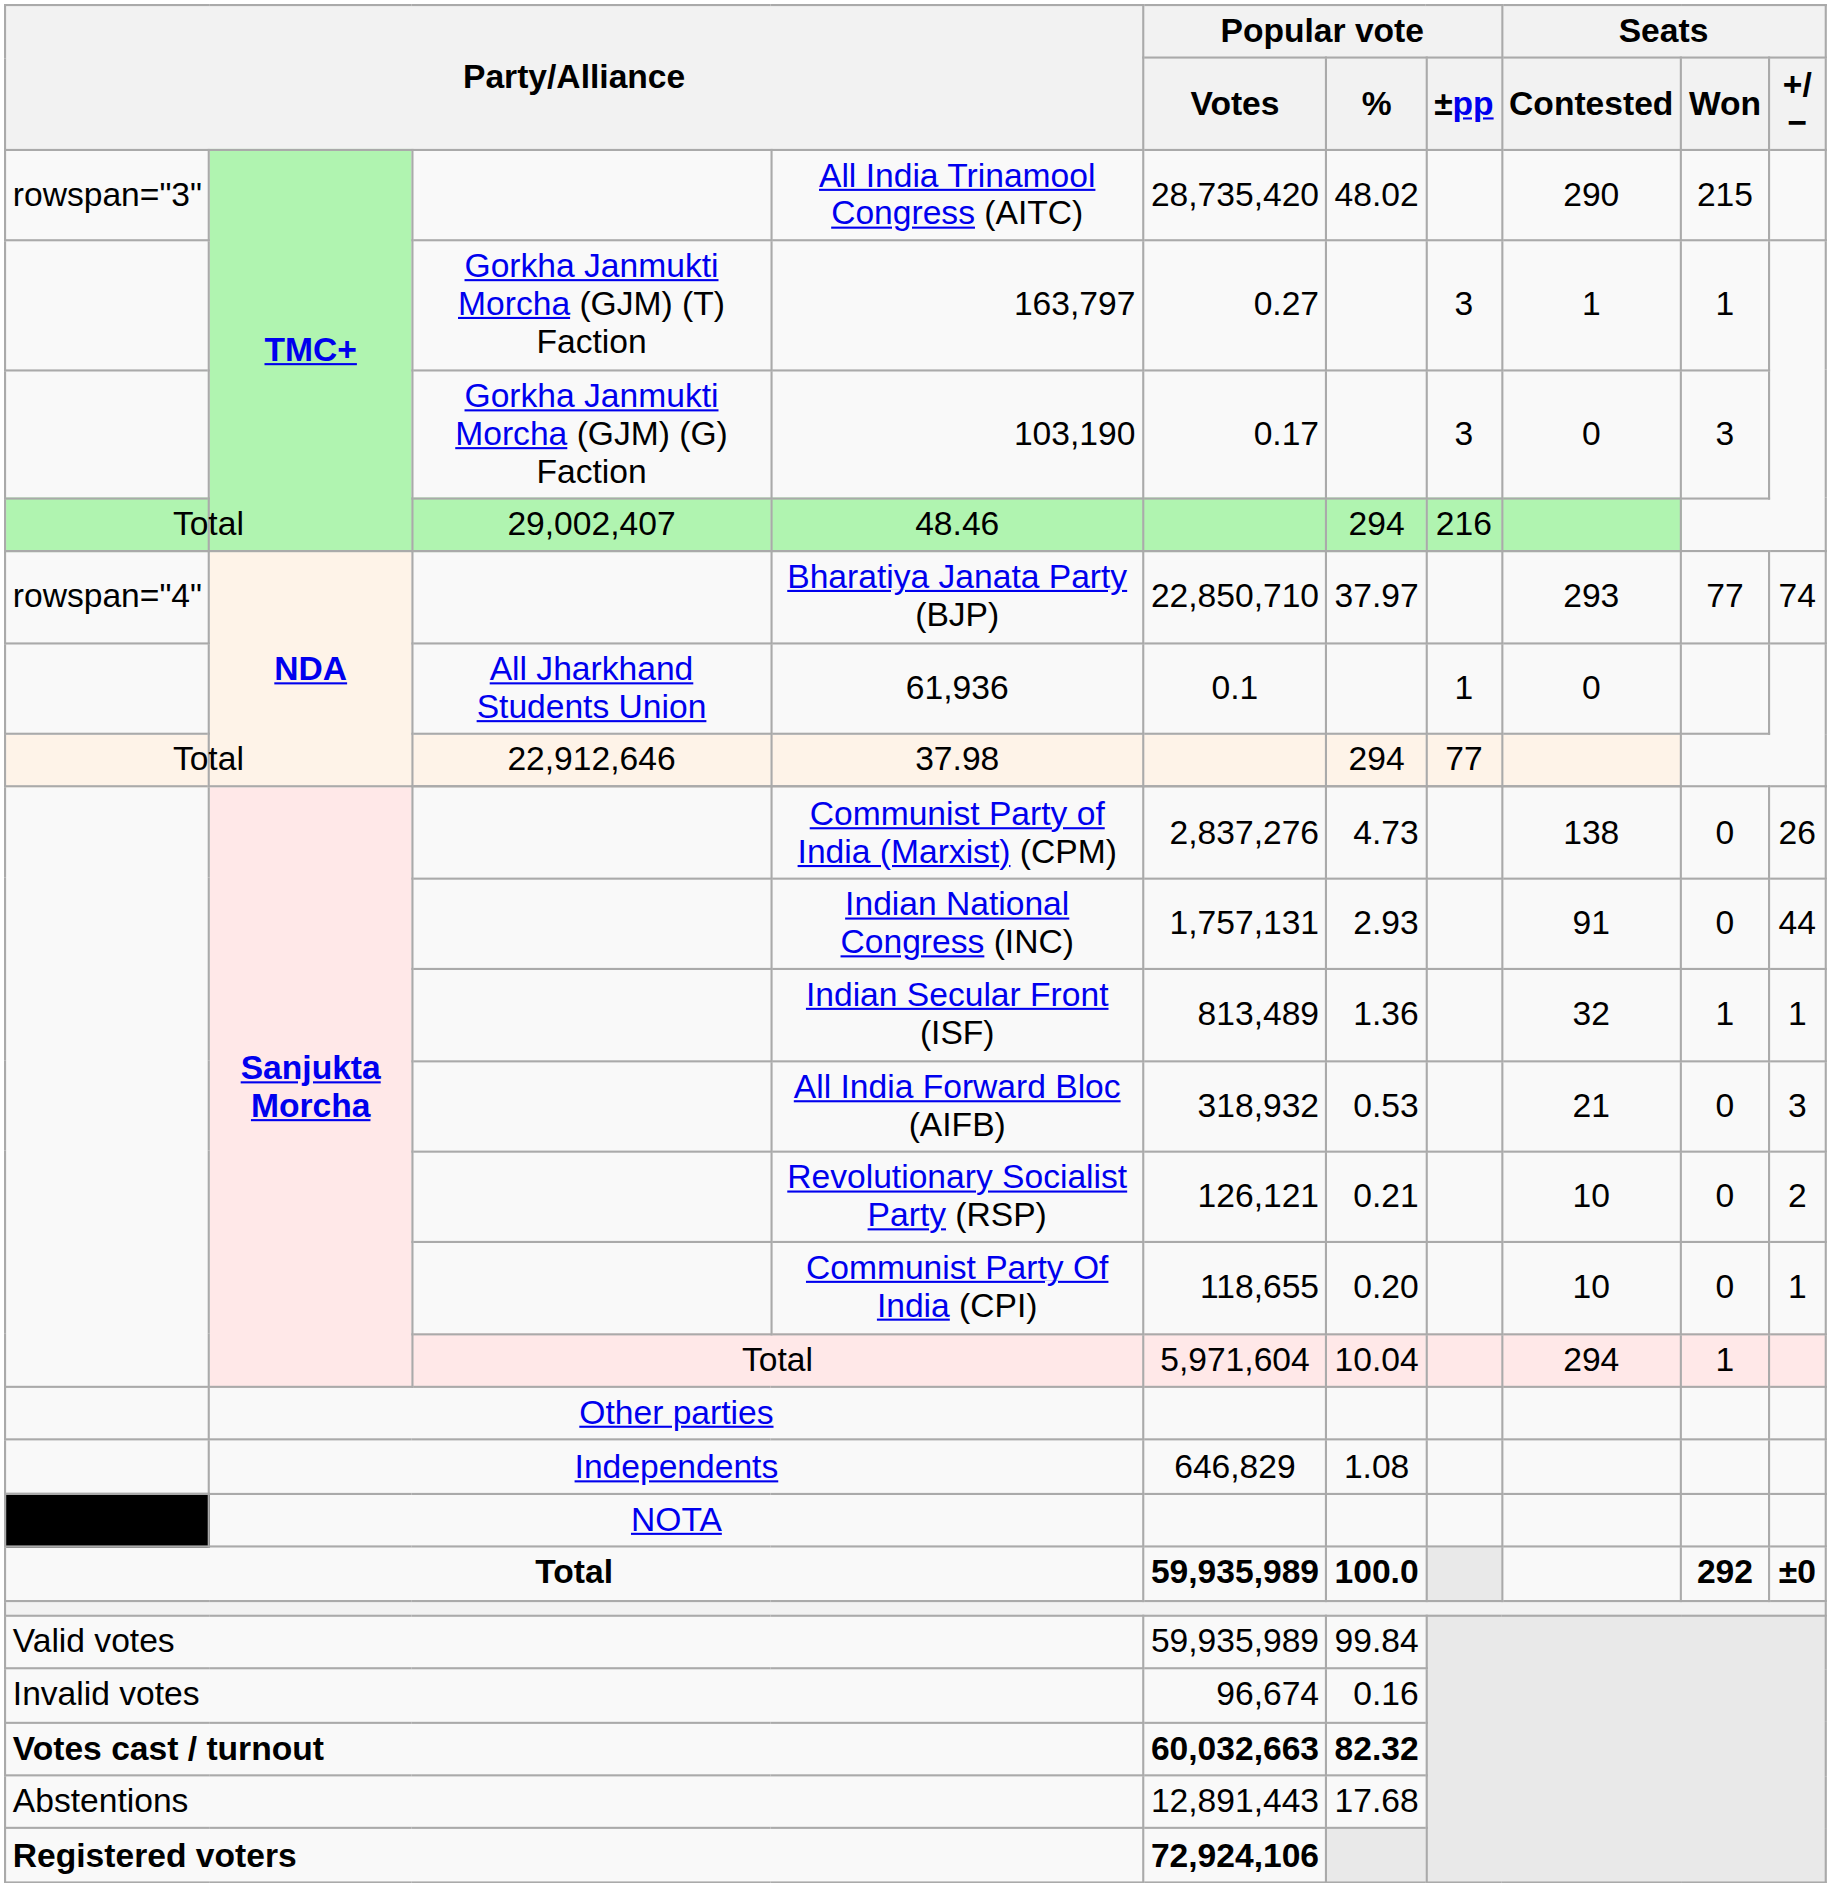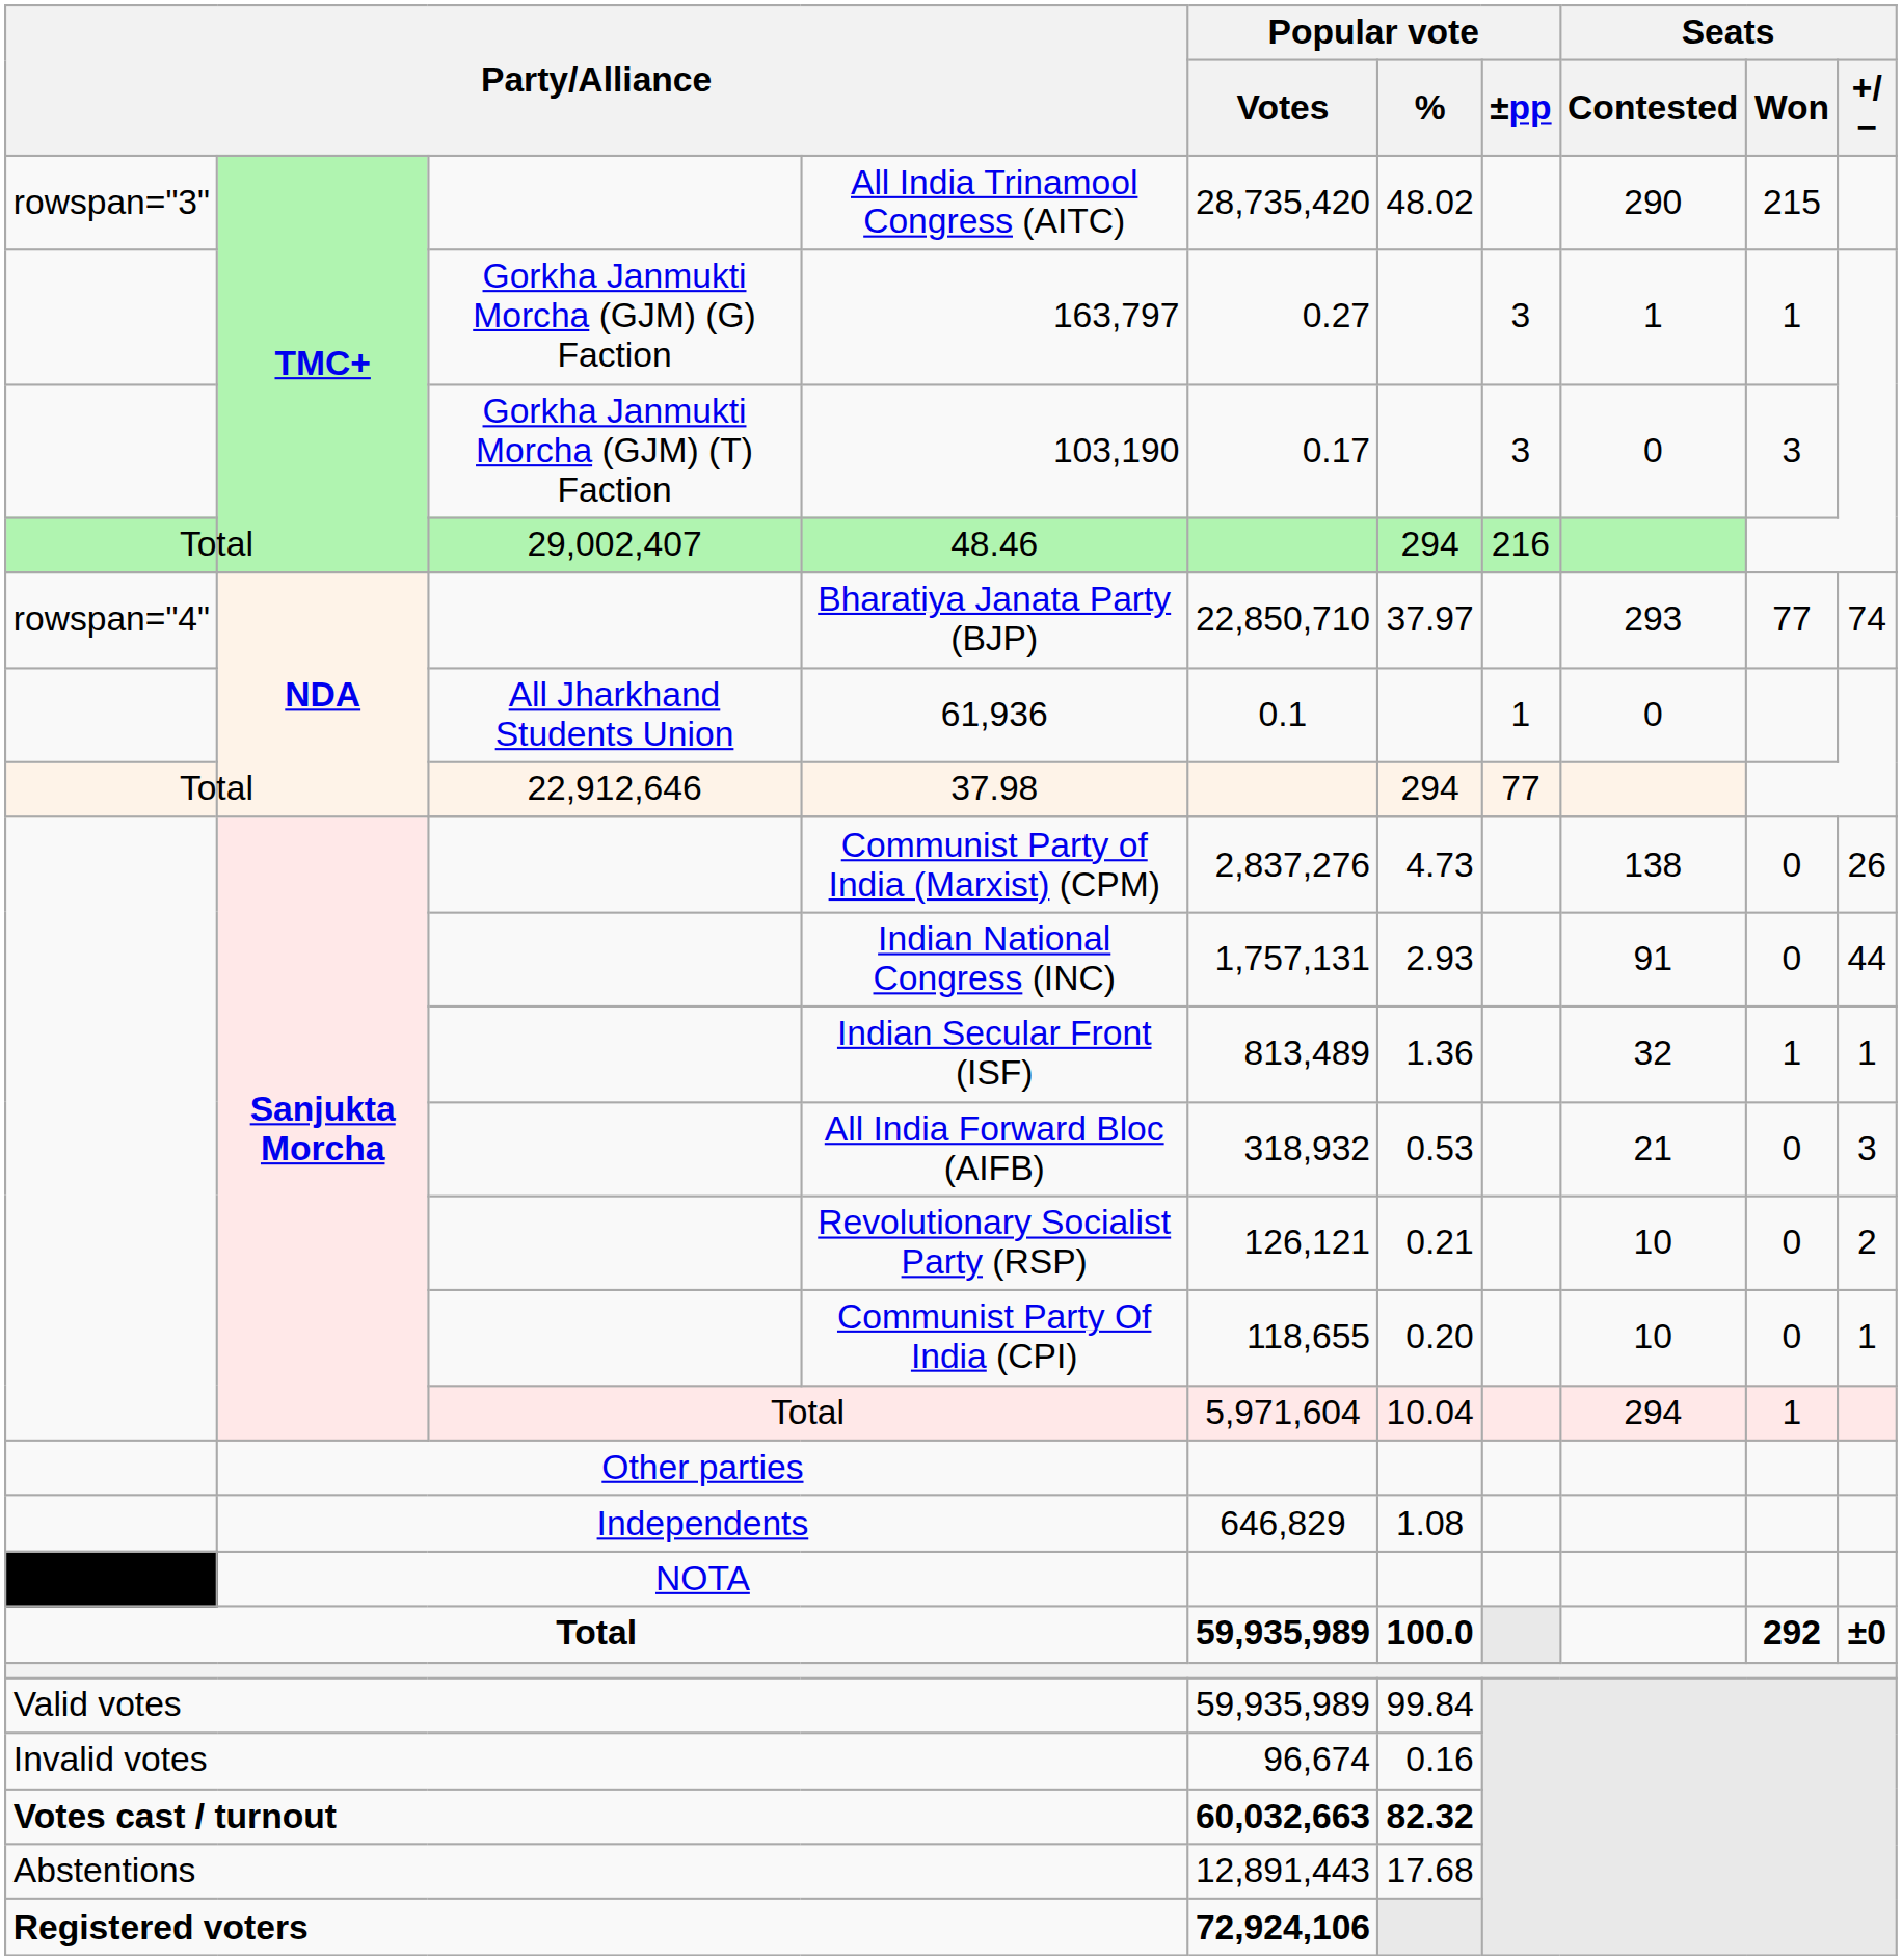 <table class="wikitable sortable" style="text-align:center;">
 <tr>
 <th colspan="4" rowspan="2">Party/Alliance</th>
 <th colspan="3">Popular vote</th>
 <th colspan="3">Seats</th>
 </tr>
 <tr>
 <th>Votes</th>
 <th>%</th>
 <th>±<a href='#'>pp</a></th>
 <th>Contested</th>
 <th>Won</th>
 <th><strong>+/−</strong></th>
 </tr>
 <tr>
 <td>rowspan="3" </td>
 <th rowspan="4" style="background:#B0F4B0"><a href='#'>TMC+</a></th>
 <td></td>
 <td><a href='#'>All India Trinamool Congress</a> (AITC)</td>
 <td style="text-align:right">28,735,420</td>
 <td>48.02</td>
 <td></td>
 <td>290</td>
 <td>215</td>
 <td></td>
 </tr>
 <tr>
 <td></td>
-<td><a href='#'>Gorkha Janmukti Morcha</a> (GJM) (T) Faction</td>
+<td><a href='#'>Gorkha Janmukti Morcha</a> (GJM) (G) Faction</td>
 <td style="text-align:right">163,797</td>
 <td style="text-align:right">0.27</td>
 <td></td>
 <td>3</td>
 <td>1</td>
 <td>1</td>
 </tr>
 <tr>
 <td></td>
-<td><a href='#'>Gorkha Janmukti Morcha</a> (GJM) (G) Faction</td>
+<td><a href='#'>Gorkha Janmukti Morcha</a> (GJM) (T) Faction</td>
 <td style="text-align:right">103,190</td>
 <td style="text-align:right">0.17</td>
 <td></td>
 <td>3</td>
 <td>0</td>
 <td>3</td>
 </tr>
 <tr>
 <td colspan="2" style="background:#B0F4B0">Total</td>
 <td style="background:#B0F4B0">29,002,407</td>
 <td style="background:#B0F4B0">48.46</td>
 <td style="background:#B0F4B0"></td>
 <td style="background:#B0F4B0">294</td>
 <td style="background:#B0F4B0">216</td>
 <td style="background:#B0F4B0"></td>
 </tr>
 <tr>
 </tr>
 <tr>
 <td>rowspan="4" </td>
 <th rowspan="3" style="background:#FEF3E8"><a href='#'>NDA</a></th>
 <td></td>
 <td><a href='#'>Bharatiya Janata Party</a> (BJP)</td>
 <td style="text-align:right">22,850,710</td>
 <td>37.97</td>
 <td></td>
 <td>293</td>
 <td>77</td>
 <td>74</td>
 </tr>
 <tr>
 <td></td>
 <td><a href='#'>All Jharkhand Students Union</a></td>
 <td>61,936</td>
 <td>0.1</td>
 <td></td>
 <td>1</td>
 <td>0</td>
 <td></td>
 </tr>
 <tr>
 <td colspan="2" style="background:#fef3E8">Total</td>
 <td style="background:#fef3E8">22,912,646</td>
 <td style="background:#fef3E8">37.98</td>
 <td style="background:#fef3E8"></td>
 <td style="background:#fef3E8">294</td>
 <td style="background:#fef3E8">77</td>
 <td style="background:#fef3E8"></td>
 </tr>
 <tr>
 <td rowspan="8"></td>
 <th rowspan="8" style="background:#ffe8e8"><a href='#'>Sanjukta Morcha</a></th>
 </tr>
 <tr>
 <td></td>
 <td><a href='#'>Communist Party of India (Marxist)</a> (CPM)</td>
 <td style="text-align:right">2,837,276</td>
 <td style="text-align:right">4.73</td>
 <td></td>
 <td style="text-align:centre">138</td>
 <td style="text-align:centre">0</td>
 <td>26</td>
 </tr>
 <tr>
 <td></td>
 <td><a href='#'>Indian National Congress</a> (INC)</td>
 <td style="text-align:right">1,757,131</td>
 <td style="text-align:right">2.93</td>
 <td></td>
 <td>91</td>
 <td>0</td>
 <td>44</td>
 </tr>
 <tr>
 <td></td>
 <td><a href='#'>Indian Secular Front</a> (ISF)</td>
 <td style="text-align:right">813,489</td>
 <td style="text-align:right">1.36</td>
 <td></td>
 <td>32</td>
 <td>1</td>
 <td>1</td>
 </tr>
 <tr>
 <td></td>
 <td><a href='#'>All India Forward Bloc</a> (AIFB)</td>
 <td style="text-align:right">318,932</td>
 <td style="text-align:right">0.53</td>
 <td></td>
 <td>21</td>
 <td>0</td>
 <td>3</td>
 </tr>
 <tr>
 <td></td>
 <td><a href='#'>Revolutionary Socialist Party</a> (RSP)</td>
 <td style="text-align:right">126,121</td>
 <td style="text-align:right">0.21</td>
 <td></td>
 <td>10</td>
 <td>0</td>
 <td>2</td>
 </tr>
 <tr>
 <td></td>
 <td><a href='#'>Communist Party Of India</a> (CPI)</td>
 <td style="text-align:right">118,655</td>
 <td style="text-align:right">0.20</td>
 <td></td>
 <td>10</td>
 <td>0</td>
 <td>1</td>
 </tr>
 <tr>
 <td colspan="2" style="background:#ffe8e8">Total</td>
 <td style="background:#ffe8e8">5,971,604</td>
 <td style="background:#ffe8e8">10.04</td>
 <td style="background:#ffe8e8"></td>
 <td style="background:#ffe8e8">294</td>
 <td style="background:#ffe8e8">1</td>
 <td style="background:#ffe8e8"></td>
 </tr>
 <tr>
 <td></td>
 <td colspan="3"><a href='#'>Other parties</a></td>
 <td></td>
 <td></td>
 <td></td>
 <td></td>
 <td></td>
 <td></td>
 </tr>
 <tr>
 <td></td>
 <td colspan="3"><a href='#'>Independents</a></td>
 <td>646,829</td>
 <td>1.08</td>
 <td></td>
 <td></td>
 <td></td>
 <td></td>
 </tr>
 <tr>
 <td bgcolor="Black"></td>
 <td colspan="3"><a href='#'>NOTA</a></td>
 <td></td>
 <td></td>
 <td></td>
 <td></td>
 <td></td>
 <td></td>
 </tr>
 <tr>
 <td colspan="4"><strong>Total</strong></td>
 <td style="text-align:right"><strong>59,935,989</strong></td>
 <td><strong>100.0</strong></td>
 <td bgcolor="#E9E9E9"></td>
 <td></td>
 <td><strong>292</strong></td>
 <td><strong>±0</strong></td>
 </tr>
 <tr>
 <th colspan="10"></th>
 </tr>
 <tr>
 <td style="text-align:left;" colspan="4">Valid votes</td>
 <td align="right">59,935,989</td>
 <td align="right">99.84</td>
 <td colspan="4" rowspan="5" style="background-color:#E9E9E9"></td>
 </tr>
 <tr>
 <td style="text-align:left;" colspan="4">Invalid votes</td>
 <td align="right">96,674</td>
 <td align="right">0.16</td>
 </tr>
 <tr>
 <td style="text-align:left;" colspan="4"><strong>Votes cast / turnout</strong></td>
 <td align="right"><strong>60,032,663</strong></td>
 <td align="right"><strong>82.32</strong></td>
 </tr>
 <tr>
 <td style="text-align:left;" colspan="4">Abstentions</td>
 <td align="right">12,891,443</td>
 <td align="right">17.68</td>
 </tr>
 <tr>
 <td style="text-align:left;" colspan="4"><strong>Registered voters</strong></td>
 <td align="right"><strong>72,924,106</strong><br></td>
 <td colspan="1" style="background-color:#E9E9E9"></td>
 </tr>
 </table>
